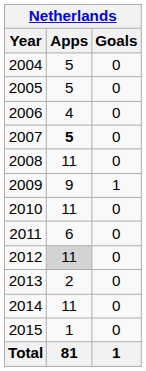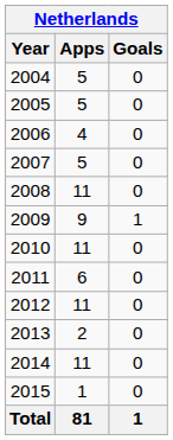 <table class="wikitable" style="text-align:center">
 <tr>
 <th colspan=3><a href='#'>Netherlands</a></th>
 </tr>
 <tr>
 <th>Year</th>
 <th>Apps</th>
 <th>Goals</th>
 </tr>
 <tr>
 <td>2004</td>
 <td>5</td>
 <td>0</td>
 </tr>
 <tr>
 <td>2005</td>
 <td>5</td>
 <td>0</td>
 </tr>
 <tr>
 <td>2006</td>
 <td>4</td>
 <td>0</td>
 </tr>
 <tr>
 <td>2007</td>
-<td><strong>5</strong></td>
+<td>5</td>
 <td>0</td>
 </tr>
 <tr>
 <td>2008</td>
 <td>11</td>
 <td>0</td>
 </tr>
 <tr>
 <td>2009</td>
 <td>9</td>
 <td>1</td>
 </tr>
 <tr>
 <td>2010</td>
 <td>11</td>
 <td>0</td>
 </tr>
 <tr>
 <td>2011</td>
 <td>6</td>
 <td>0</td>
 </tr>
 <tr>
 <td>2012</td>
-<td style="background: lightgrey;">11</td>
+<td>11</td>
 <td>0</td>
 </tr>
 <tr>
 <td>2013</td>
 <td>2</td>
 <td>0</td>
 </tr>
 <tr>
 <td>2014</td>
 <td>11</td>
 <td>0</td>
 </tr>
 <tr>
 <td>2015</td>
 <td>1</td>
 <td>0</td>
 </tr>
 <tr>
 <th>Total</th>
 <th>81</th>
 <th>1</th>
 </tr>
 </table>
